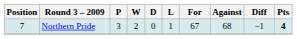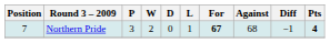 <table class="wikitable" style="text-align:center; font-size:85%;">
 <tr>
 <th width=40 abbr="Position">Position</th>
 <th width=100>Round 3 – 2009</th>
 <th width=20 abbr="Played">P</th>
 <th width=20 abbr="Won">W</th>
 <th width=20 abbr="Drawn">D</th>
 <th width=20 abbr="Lost">L</th>
 <th width=40 abbr="Points for">For</th>
 <th width=40 abbr="Points against">Against</th>
 <th width=40 abbr="Points difference">Diff</th>
 <th width=20 abbr="Points">Pts</th>
 </tr>
 <tr style="background: #d7ebed;">
 <td>7</td>
 <td style="text-align:left;"> <a href='#'>Northern Pride</a></td>
 <td>3</td>
 <td>2</td>
 <td>0</td>
 <td>1</td>
-<td>67</td>
+<td><strong>67</strong></td>
 <td>68</td>
 <td>−1</td>
 <td><strong>4</strong></td>
 </tr>
 <tr>
 </tr>
 </table>
